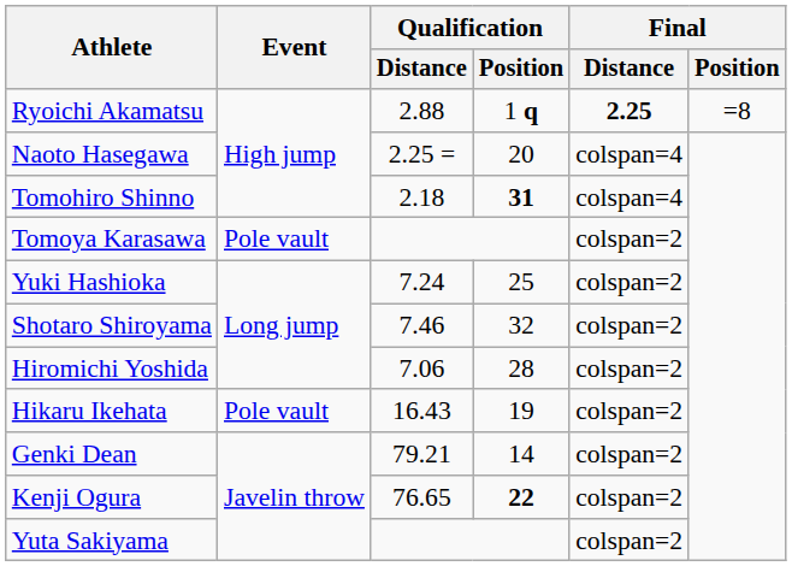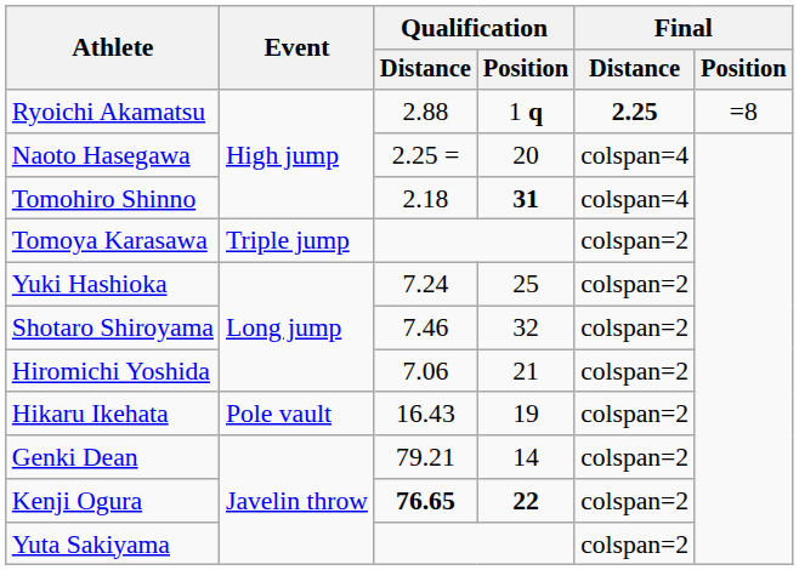 <table class=wikitable style=font-size:90%>
 <tr>
 <th rowspan=2>Athlete</th>
 <th rowspan=2>Event</th>
 <th colspan=2>Qualification</th>
 <th colspan=2>Final</th>
 </tr>
 <tr style=font-size:95%>
 <th>Distance</th>
 <th>Position</th>
 <th>Distance</th>
 <th>Position</th>
 </tr>
 <tr align=center>
 <td align=left><a href='#'>Ryoichi Akamatsu</a></td>
 <td align=left rowspan=3><a href='#'>High jump</a></td>
 <td>2.88</td>
 <td>1 <strong>q</strong></td>
 <td><strong>2.25</strong></td>
 <td>=8</td>
 </tr>
 <tr align=center>
 <td align=left><a href='#'>Naoto Hasegawa</a></td>
 <td>2.25 =</td>
 <td>20</td>
 <td>colspan=4 </td>
 </tr>
 <tr align=center>
 <td align=left><a href='#'>Tomohiro Shinno</a></td>
 <td>2.18</td>
 <td><strong>31</strong></td>
 <td>colspan=4 </td>
 </tr>
 <tr align=center>
 <td align=left><a href='#'>Tomoya Karasawa</a></td>
-<td align=left><a href='#'>Pole vault</a></td>
+<td align=left><a href='#'>Triple jump</a></td>
 <td colspan=2></td>
 <td>colspan=2 </td>
 </tr>
 <tr align=center>
 <td align=left><a href='#'>Yuki Hashioka</a></td>
 <td align=left rowspan=3><a href='#'>Long jump</a></td>
 <td>7.24</td>
 <td>25</td>
 <td>colspan=2 </td>
 </tr>
 <tr align=center>
 <td align=left><a href='#'>Shotaro Shiroyama</a></td>
 <td>7.46</td>
 <td>32</td>
 <td>colspan=2 </td>
 </tr>
 <tr align=center>
 <td align=left><a href='#'>Hiromichi Yoshida</a></td>
 <td>7.06</td>
-<td>28</td>
+<td>21</td>
 <td>colspan=2 </td>
 </tr>
 <tr align=center>
 <td align=left><a href='#'>Hikaru Ikehata</a></td>
 <td align=left><a href='#'>Pole vault</a></td>
 <td>16.43</td>
 <td>19</td>
 <td>colspan=2 </td>
 </tr>
 <tr align=center>
 <td align=left><a href='#'>Genki Dean</a></td>
 <td align=left rowspan=3><a href='#'>Javelin throw</a></td>
 <td>79.21</td>
 <td>14</td>
 <td>colspan=2 </td>
 </tr>
 <tr align=center>
 <td align=left><a href='#'>Kenji Ogura</a></td>
-<td>76.65</td>
+<td><strong>76.65</strong></td>
 <td><strong>22</strong></td>
 <td>colspan=2 </td>
 </tr>
 <tr align=center>
 <td align=left><a href='#'>Yuta Sakiyama</a></td>
 <td colspan=2></td>
 <td>colspan=2 </td>
 </tr>
 </table>
